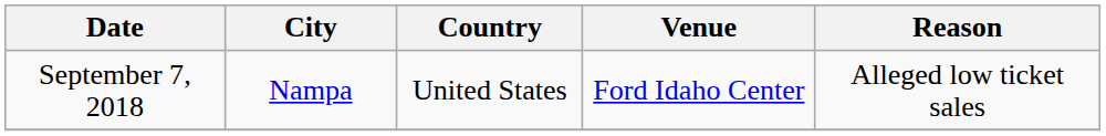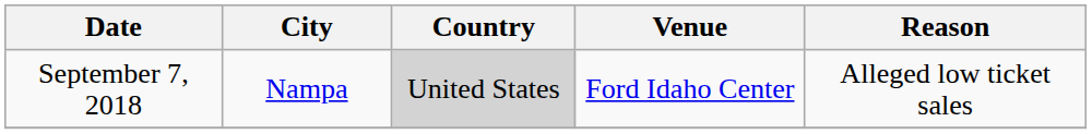 <table class="wikitable" style="text-align:center;">
 <tr>
 <th scope="col" style="width:12em;">Date</th>
 <th scope="col" style="width:10em;">City</th>
 <th scope="col" style="width:10em;">Country</th>
 <th scope="col" style="width:16em;">Venue</th>
 <th scope="col" style="width:20em;">Reason</th>
 </tr>
 <tr>
 <td>September 7, 2018</td>
 <td><a href='#'>Nampa</a></td>
-<td>United States</td>
+<td style="background: lightgrey;">United States</td>
 <td><a href='#'>Ford Idaho Center</a></td>
 <td>Alleged low ticket sales</td>
 </tr>
 <tr>
 </tr>
 </table>
